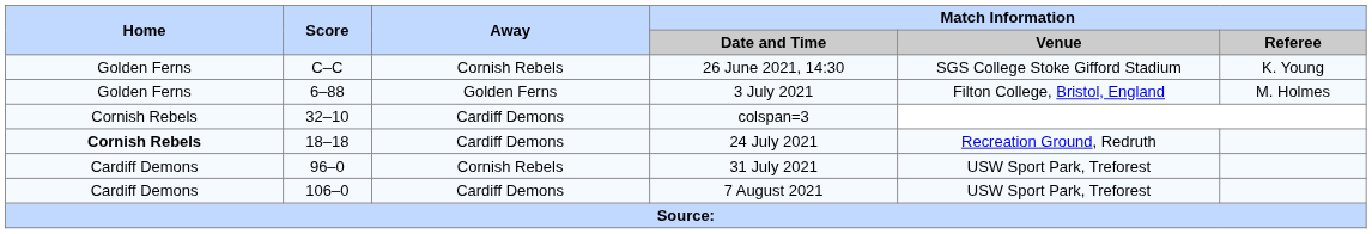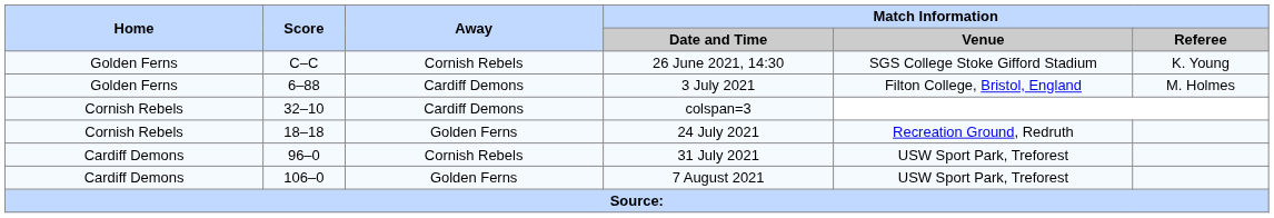 <table border=1 style="border-collapse:collapse; font-size:90%; text-align:center;" cellpadding=3 cellspacing=0 width=100%>
 <tr style="background:#C1D8ff;">
 <th scope="col" rowspan=2 width=19%>Home</th>
 <th scope="col" rowspan=2 width=6%>Score</th>
 <th scope="col" rowspan=2 width=19%>Away</th>
 <th colspan=3>Match Information</th>
 </tr>
 <tr style="background:#CCCCCC;">
 <th scope="col" width=17%>Date and Time</th>
 <th scope="col" width=22%>Venue</th>
 <th scope="col" width=10%>Referee</th>
 </tr>
 <tr style="background:#F5FAFF;">
 <td>Golden Ferns</td>
 <td>C–C</td>
 <td>Cornish Rebels</td>
 <td>26 June 2021, 14:30</td>
 <td>SGS College Stoke Gifford Stadium</td>
 <td>K. Young</td>
 </tr>
 <tr style="background:#F5FAFF;">
 <td>Golden Ferns</td>
 <td>6–88</td>
-<td>Golden Ferns</td>
+<td>Cardiff Demons</td>
 <td>3 July 2021</td>
 <td>Filton College, <a href='#'>Bristol, England</a></td>
 <td>M. Holmes</td>
 </tr>
 <tr style="background:#F5FAFF;">
 <td>Cornish Rebels</td>
 <td>32–10</td>
 <td>Cardiff Demons</td>
 <td>colspan=3</td>
 </tr>
 <tr style="background:#F5FAFF;">
-<td><strong>Cornish Rebels</strong></td>
+<td>Cornish Rebels</td>
 <td>18–18</td>
-<td>Cardiff Demons</td>
+<td>Golden Ferns</td>
 <td>24 July 2021</td>
 <td><a href='#'>Recreation Ground</a>, Redruth</td>
 <td></td>
 </tr>
 <tr style="background:#F5FAFF;">
 <td>Cardiff Demons</td>
 <td>96–0</td>
 <td>Cornish Rebels</td>
 <td>31 July 2021</td>
 <td>USW Sport Park, Treforest</td>
 <td></td>
 </tr>
 <tr style="background:#F5FAFF;">
 <td>Cardiff Demons</td>
 <td>106–0</td>
-<td>Cardiff Demons</td>
+<td>Golden Ferns</td>
 <td>7 August 2021</td>
 <td>USW Sport Park, Treforest</td>
 <td></td>
 </tr>
 <tr style="background:#c1d8ff;">
 <th colspan=7>Source:</th>
 </tr>
 </table>
